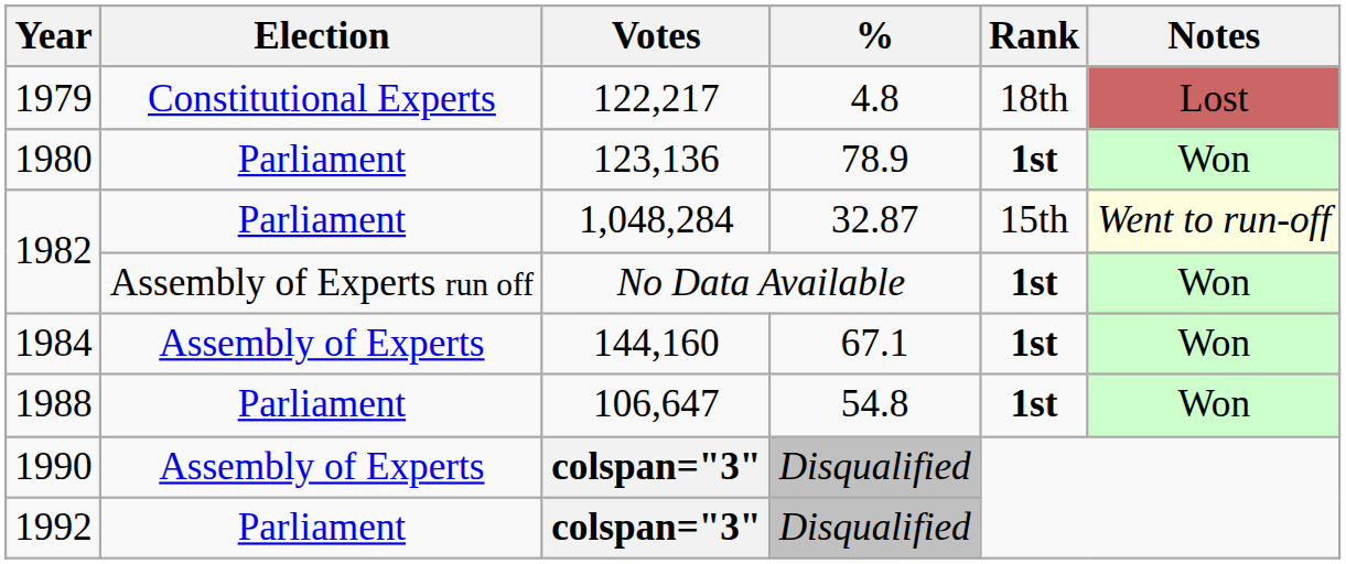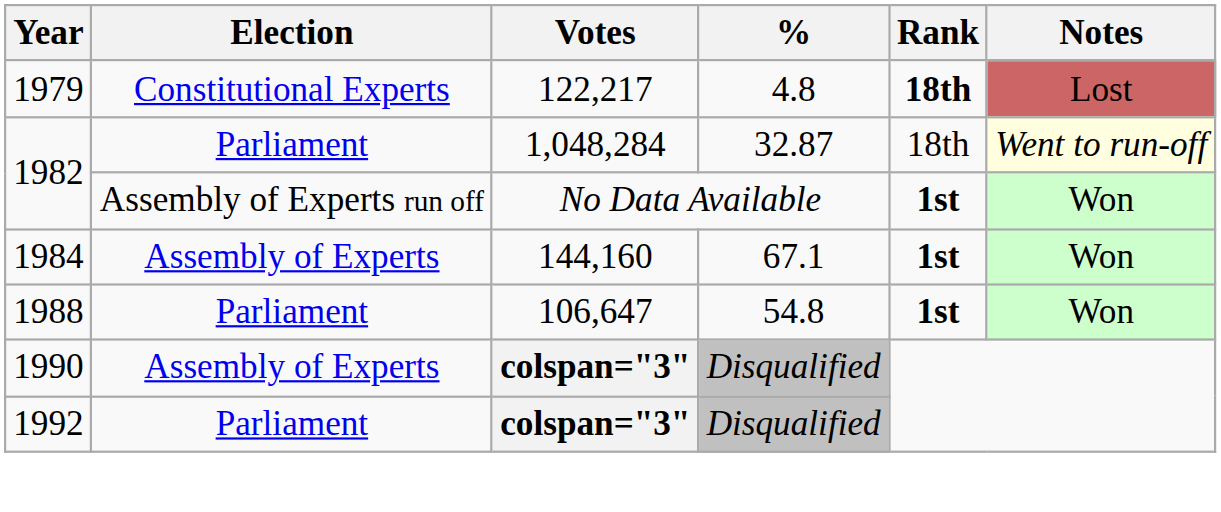 <table class="wikitable" style="text-align:center;">
 <tr>
 <th>Year</th>
 <th>Election</th>
 <th>Votes</th>
 <th>%</th>
 <th>Rank</th>
 <th>Notes</th>
 </tr>
 <tr>
 <td>1979</td>
 <td><a href='#'>Constitutional Experts</a></td>
 <td>122,217</td>
 <td>4.8</td>
-<td>18th</td>
+<td><strong>18th</strong></td>
 <td style="background-color:#C66">Lost</td>
-</tr>
-<tr>
-<td>1980</td>
-<td><a href='#'>Parliament</a></td>
-<td>123,136</td>
-<td>78.9</td>
-<td><strong>1st</strong></td>
-<td style="background-color:#CCFFCC">Won</td>
 </tr>
 <tr>
 <td rowspan="2">1982</td>
 <td><a href='#'>Parliament</a></td>
 <td>1,048,284</td>
 <td>32.87</td>
-<td>15th</td>
+<td>18th</td>
 <td style="background-color:#FFFFE0"><em>Went to run-off</em></td>
 </tr>
 <tr>
 <td>Assembly of Experts <small>run off</small></td>
 <td colspan=2><em>No Data Available</em></td>
 <td><strong>1st</strong></td>
 <td style="background-color:#CCFFCC">Won</td>
 </tr>
 <tr>
 <td>1984</td>
 <td><a href='#'>Assembly of Experts</a></td>
 <td> 144,160</td>
 <td> 67.1</td>
 <td><strong>1st</strong></td>
 <td style="background-color:#CCFFCC">Won</td>
 </tr>
 <tr>
 <td>1988</td>
 <td><a href='#'>Parliament</a></td>
 <td> 106,647</td>
 <td> 54.8</td>
 <td><strong>1st</strong></td>
 <td style="background-color:#CCFFCC">Won</td>
 </tr>
 <tr>
 <td>1990</td>
 <td><a href='#'>Assembly of Experts</a></td>
 <th>colspan="3" </th>
 <td style="background-color:#C0C0C0"><em>Disqualified</em></td>
 </tr>
 <tr>
 <td>1992</td>
 <td><a href='#'>Parliament</a></td>
 <th>colspan="3" </th>
 <td style="background-color:#C0C0C0"><em>Disqualified</em></td>
 </tr>
 </table>
